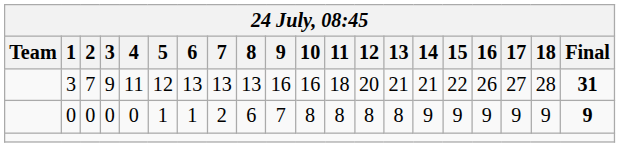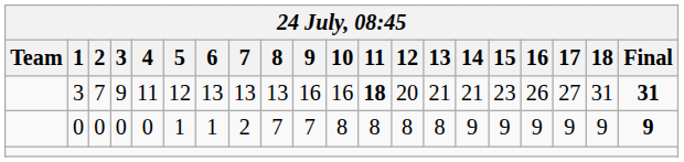 <table class=wikitable style="text-align:center; width: 55%">
 <tr>
 <th colspan=20><em>24 July, 08:45</em></th>
 </tr>
 <tr>
 <th>Team</th>
 <th>1</th>
 <th>2</th>
 <th>3</th>
 <th>4</th>
 <th>5</th>
 <th>6</th>
 <th>7</th>
 <th>8</th>
 <th>9</th>
 <th>10</th>
 <th>11</th>
 <th>12</th>
 <th>13</th>
 <th>14</th>
 <th>15</th>
 <th>16</th>
 <th>17</th>
 <th>18</th>
 <th>Final</th>
 </tr>
 <tr>
 <td align=left><strong></strong></td>
 <td>3</td>
 <td>7</td>
 <td>9</td>
 <td>11</td>
 <td>12</td>
 <td>13</td>
 <td>13</td>
 <td>13</td>
 <td>16</td>
 <td>16</td>
-<td>18</td>
+<td><strong>18</strong></td>
 <td>20</td>
 <td>21</td>
 <td>21</td>
-<td>22</td>
+<td>23</td>
 <td>26</td>
 <td>27</td>
-<td>28</td>
+<td>31</td>
 <td><strong>31</strong></td>
 </tr>
 <tr>
 <td align=left></td>
 <td>0</td>
 <td>0</td>
 <td>0</td>
 <td>0</td>
 <td>1</td>
 <td>1</td>
 <td>2</td>
-<td>6</td>
+<td>7</td>
 <td>7</td>
 <td>8</td>
 <td>8</td>
 <td>8</td>
 <td>8</td>
 <td>9</td>
 <td>9</td>
 <td>9</td>
 <td>9</td>
 <td>9</td>
 <td><strong>9</strong></td>
 </tr>
 <tr>
 <td colspan=20></td>
 </tr>
 </table>
